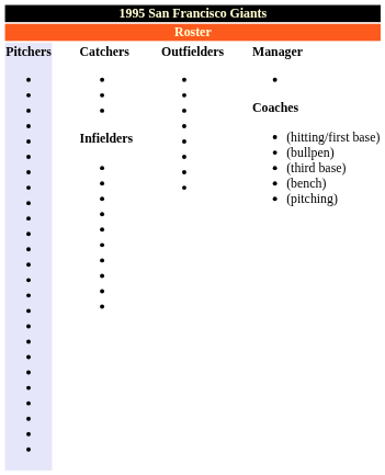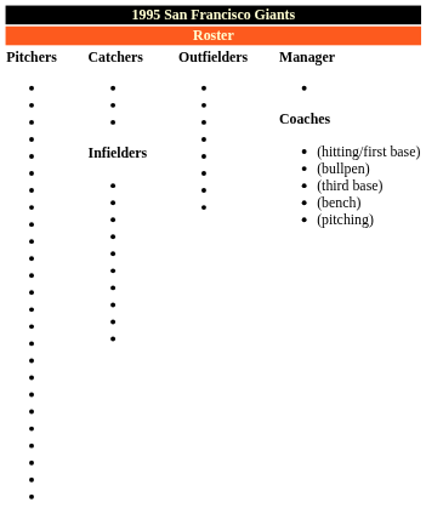 <table class="toccolours" style="font-size: 95%;">
 <tr>
 <th colspan="10" style="background-color: black; color: #FFFDD0; text-align: center;">1995 San Francisco Giants</th>
 </tr>
 <tr>
 <td colspan="10" style="background-color: #fd5a1e; color: #FFFDD0; text-align: center;"><strong>Roster</strong></td>
 </tr>
 <tr>
-<td valign="top" style="background: lavender;"><strong>Pitchers</strong><br><ul><li></li><li></li><li></li><li></li><li></li><li></li><li></li><li></li><li></li><li></li><li></li><li></li><li></li><li></li><li></li><li></li><li></li><li></li><li></li><li></li><li></li><li></li><li></li><li></li><li></li></ul></td>
+<td valign="top"><strong>Pitchers</strong><br><ul><li></li><li></li><li></li><li></li><li></li><li></li><li></li><li></li><li></li><li></li><li></li><li></li><li></li><li></li><li></li><li></li><li></li><li></li><li></li><li></li><li></li><li></li><li></li><li></li><li></li></ul></td>
 <td width="25px"></td>
 <td valign="top"><strong>Catchers</strong><br><ul><li></li><li></li><li></li></ul><strong>Infielders</strong><ul><li></li><li></li><li></li><li></li><li></li><li></li><li></li><li></li><li></li><li></li></ul></td>
 <td width="25px"></td>
 <td valign="top"><strong>Outfielders</strong><br><ul><li></li><li></li><li></li><li></li><li></li><li></li><li></li><li></li></ul></td>
 <td width="25px"></td>
 <td valign="top"><strong>Manager</strong><br><ul><li></li></ul><strong>Coaches</strong><ul><li> (hitting/first base)</li><li> (bullpen)</li><li> (third base)</li><li> (bench)</li><li> (pitching)</li></ul></td>
 </tr>
 <tr>
 </tr>
 </table>
